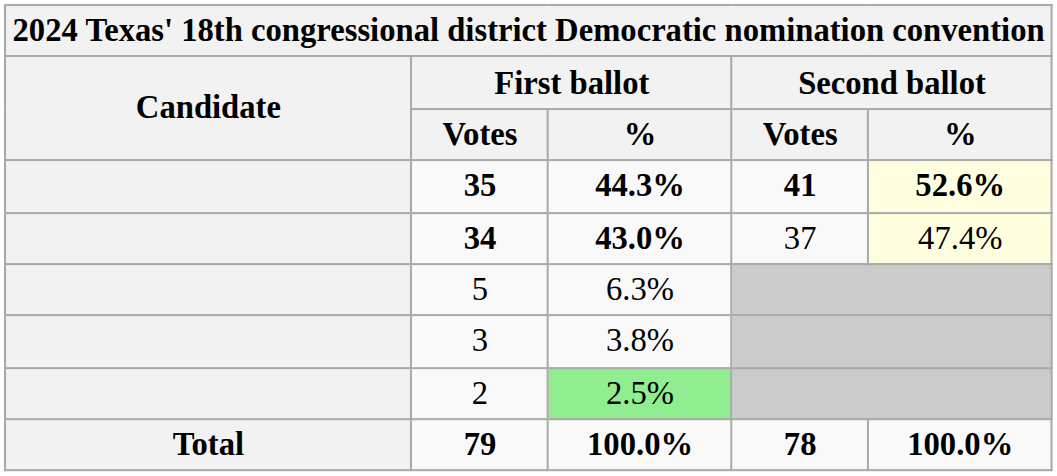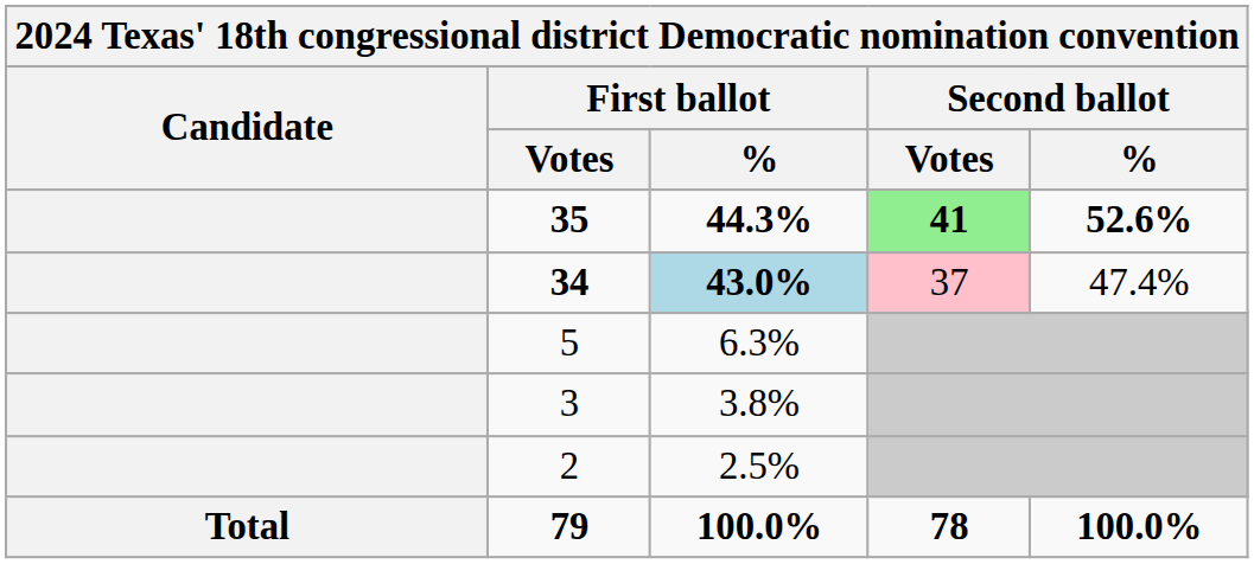 <table class="wikitable sortable plainrowheaders">
 <tr>
 <th colspan="13" >2024 Texas' 18th congressional district Democratic nomination convention</th>
 </tr>
 <tr style="background:#eee; text-align:center;">
 <th scope="col" style="width: 12em" rowspan=2>Candidate</th>
 <th scope="col" style="width: 5em" colspan=2>First ballot</th>
 <th scope="col" style="width: 5em" colspan=2>Second ballot</th>
 </tr>
 <tr>
 <th>Votes</th>
 <th>%</th>
 <th>Votes</th>
 <th>%</th>
 </tr>
 <tr>
 <th scope="row"><strong></strong></th>
 <td style="text-align:center;"><strong>35</strong></td>
 <td style="text-align:center;"><strong>44.3%</strong></td>
-<td style="text-align:center;"><strong>41</strong></td>
-<td style="background: lightyellow; text-align:center;"><strong>52.6%</strong></td>
+<td style="background: lightgreen; text-align:center;"><strong>41</strong></td>
+<td style="text-align:center;"><strong>52.6%</strong></td>
 </tr>
 <tr>
 <th scope="row"></th>
 <td style="text-align:center;"><strong>34</strong></td>
-<td style="text-align:center;"><strong>43.0%</strong></td>
-<td style="text-align:center;">37</td>
-<td style="background: lightyellow; text-align:center;">47.4%</td>
+<td style="background: lightblue; text-align:center;"><strong>43.0%</strong></td>
+<td style="background: pink; text-align:center;">37</td>
+<td style="text-align:center;">47.4%</td>
 </tr>
 <tr>
 <th scope="row"></th>
 <td style="text-align:center;">5</td>
 <td style="text-align:center;">6.3%</td>
 <td colspan=2 style="text-align:center; background:#cbcbcb"></td>
 </tr>
 <tr>
 <th scope="row"></th>
 <td style="text-align:center;">3</td>
 <td style="text-align:center;">3.8%</td>
 <td colspan=2 style="text-align:center; background:#cbcbcb"></td>
 </tr>
 <tr>
 <th scope="row"></th>
 <td style="text-align:center;">2</td>
-<td style="background: lightgreen; text-align:center;">2.5%</td>
+<td style="text-align:center;">2.5%</td>
 <td colspan=2 style="text-align:center; background:#cbcbcb"></td>
 </tr>
 <tr>
 <th scope="row"><strong>Total</strong></th>
 <td style="text-align:center;"><strong>79</strong></td>
 <td style="text-align:center;"><strong>100.0%</strong></td>
 <td style="text-align:center;"><strong>78</strong></td>
 <td style="text-align:center;"><strong>100.0%</strong></td>
 </tr>
 </table>
